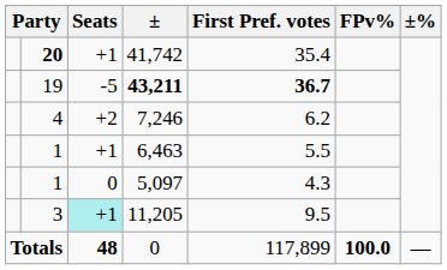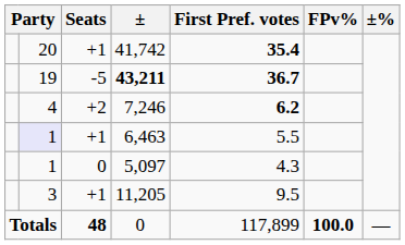 <table class=wikitable>
 <tr>
 <th colspan=2 align=center>Party</th>
 <th valign=top>Seats</th>
 <th valign=top>±</th>
 <th valign=top>First Pref. votes</th>
 <th valign=top>FPv%</th>
 <th valign=top>±%</th>
 </tr>
 <tr>
 <td></td>
-<td align=right><strong>20</strong></td>
+<td align=right>20</td>
 <td align=right>+1</td>
 <td align=right>41,742</td>
-<td align=right>35.4</td>
+<td align=right><strong>35.4</strong></td>
 <td align=right></td>
 </tr>
 <tr>
 <td></td>
 <td align=right>19</td>
 <td align=right>-5</td>
 <td align=right><strong>43,211</strong></td>
 <td align=right><strong>36.7</strong></td>
 <td align=right></td>
 </tr>
 <tr>
 <td></td>
 <td align=right>4</td>
 <td align=right>+2</td>
 <td align=right>7,246</td>
-<td align=right>6.2</td>
+<td align=right><strong>6.2</strong></td>
 <td align=right></td>
 </tr>
 <tr>
 <td></td>
-<td align=right>1</td>
+<td align=right style="background: lavender;">1</td>
 <td align=right>+1</td>
 <td align=right>6,463</td>
 <td align=right>5.5</td>
 <td align=right></td>
 </tr>
 <tr>
 <td></td>
 <td align=right>1</td>
 <td align=right>0</td>
 <td align=right>5,097</td>
 <td align=right>4.3</td>
 <td align=right></td>
 </tr>
 <tr>
 <td></td>
 <td align=right>3</td>
-<td align=right style="background: paleturquoise;">+1</td>
+<td align=right>+1</td>
 <td align=right>11,205</td>
 <td align=right>9.5</td>
 <td align=right></td>
 </tr>
 <tr>
 <td colspan=2 align=center><strong>Totals</strong></td>
 <td align=right><strong>48</strong></td>
 <td align=center>0</td>
 <td align=right>117,899</td>
 <td align=center><strong>100.0</strong></td>
 <td align=center>—</td>
 </tr>
 </table>
